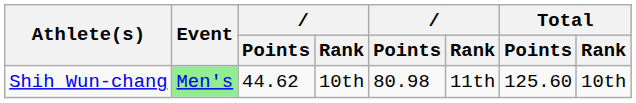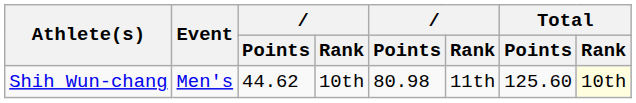 <table class="wikitable">
 <tr>
 <th rowspan="2">Athlete(s)</th>
 <th rowspan="2">Event</th>
 <th colspan="2">/</th>
 <th colspan="2">/</th>
 <th colspan="2">Total</th>
 </tr>
 <tr>
 <th>Points</th>
 <th>Rank</th>
 <th>Points</th>
 <th>Rank</th>
 <th>Points</th>
 <th>Rank</th>
 </tr>
 <tr>
 <td><a href='#'>Shih Wun-chang</a></td>
-<td style="background: lightgreen;"><a href='#'>Men's</a></td>
+<td><a href='#'>Men's</a></td>
 <td>44.62</td>
 <td>10th</td>
 <td>80.98</td>
 <td>11th</td>
 <td>125.60</td>
-<td>10th</td>
+<td style="background: lightyellow;">10th</td>
 </tr>
 </table>
